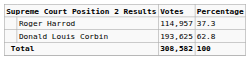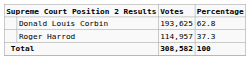 <table class="wikitable">
 <tr>
 <td colspan="2" rowspan="1" align="center" valign="top"><strong>Supreme Court Position 2 Results</strong></td>
 <td style="vertical-align:top;"><strong>Votes</strong><br></td>
 <td style="vertical-align:top;"><strong>Percentage</strong><br></td>
 </tr>
 <tr>
 <td style="background-color:"> </td>
+<td>Donald Louis Corbin</td>
+<td>193,625</td>
+<td>62.8</td>
+</tr>
+<tr>
+<td style="background-color:"> </td>
 <td>Roger Harrod</td>
 <td>114,957</td>
 <td>37.3</td>
-</tr>
-<tr>
-<td style="background-color:"> </td>
-<td>Donald Louis Corbin</td>
-<td>193,625</td>
-<td>62.8</td>
 </tr>
 <tr>
 <td colspan="2" rowspan="1"> <strong>Total</strong><br></td>
 <td><strong>308,582</strong></td>
 <td><strong>100</strong></td>
 </tr>
 <tr>
 </tr>
 </table>
